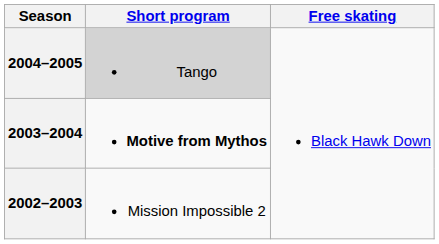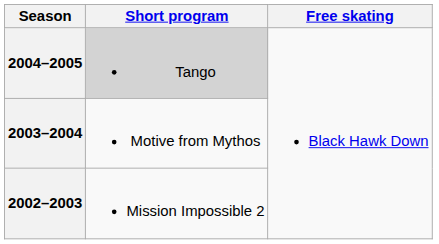 <table class="wikitable" style="text-align:center">
 <tr>
 <th>Season</th>
 <th><a href='#'>Short program</a></th>
 <th><a href='#'>Free skating</a></th>
 </tr>
 <tr>
 <th>2004–2005 <br> </th>
 <td style="background: lightgrey;"><br><ul><li>Tango</li></ul></td>
 <td rowspan=3><br><ul><li><a href='#'>Black Hawk Down</a> <br></li></ul></td>
 </tr>
 <tr>
 <th>2003–2004 <br> </th>
-<td><strong><br><ul><li>Motive from Mythos</li></ul></strong></td>
+<td><br><ul><li>Motive from Mythos</li></ul></td>
 </tr>
 <tr>
 <th>2002–2003 <br> </th>
 <td><br><ul><li>Mission Impossible 2 <br></li></ul></td>
 </tr>
 </table>
